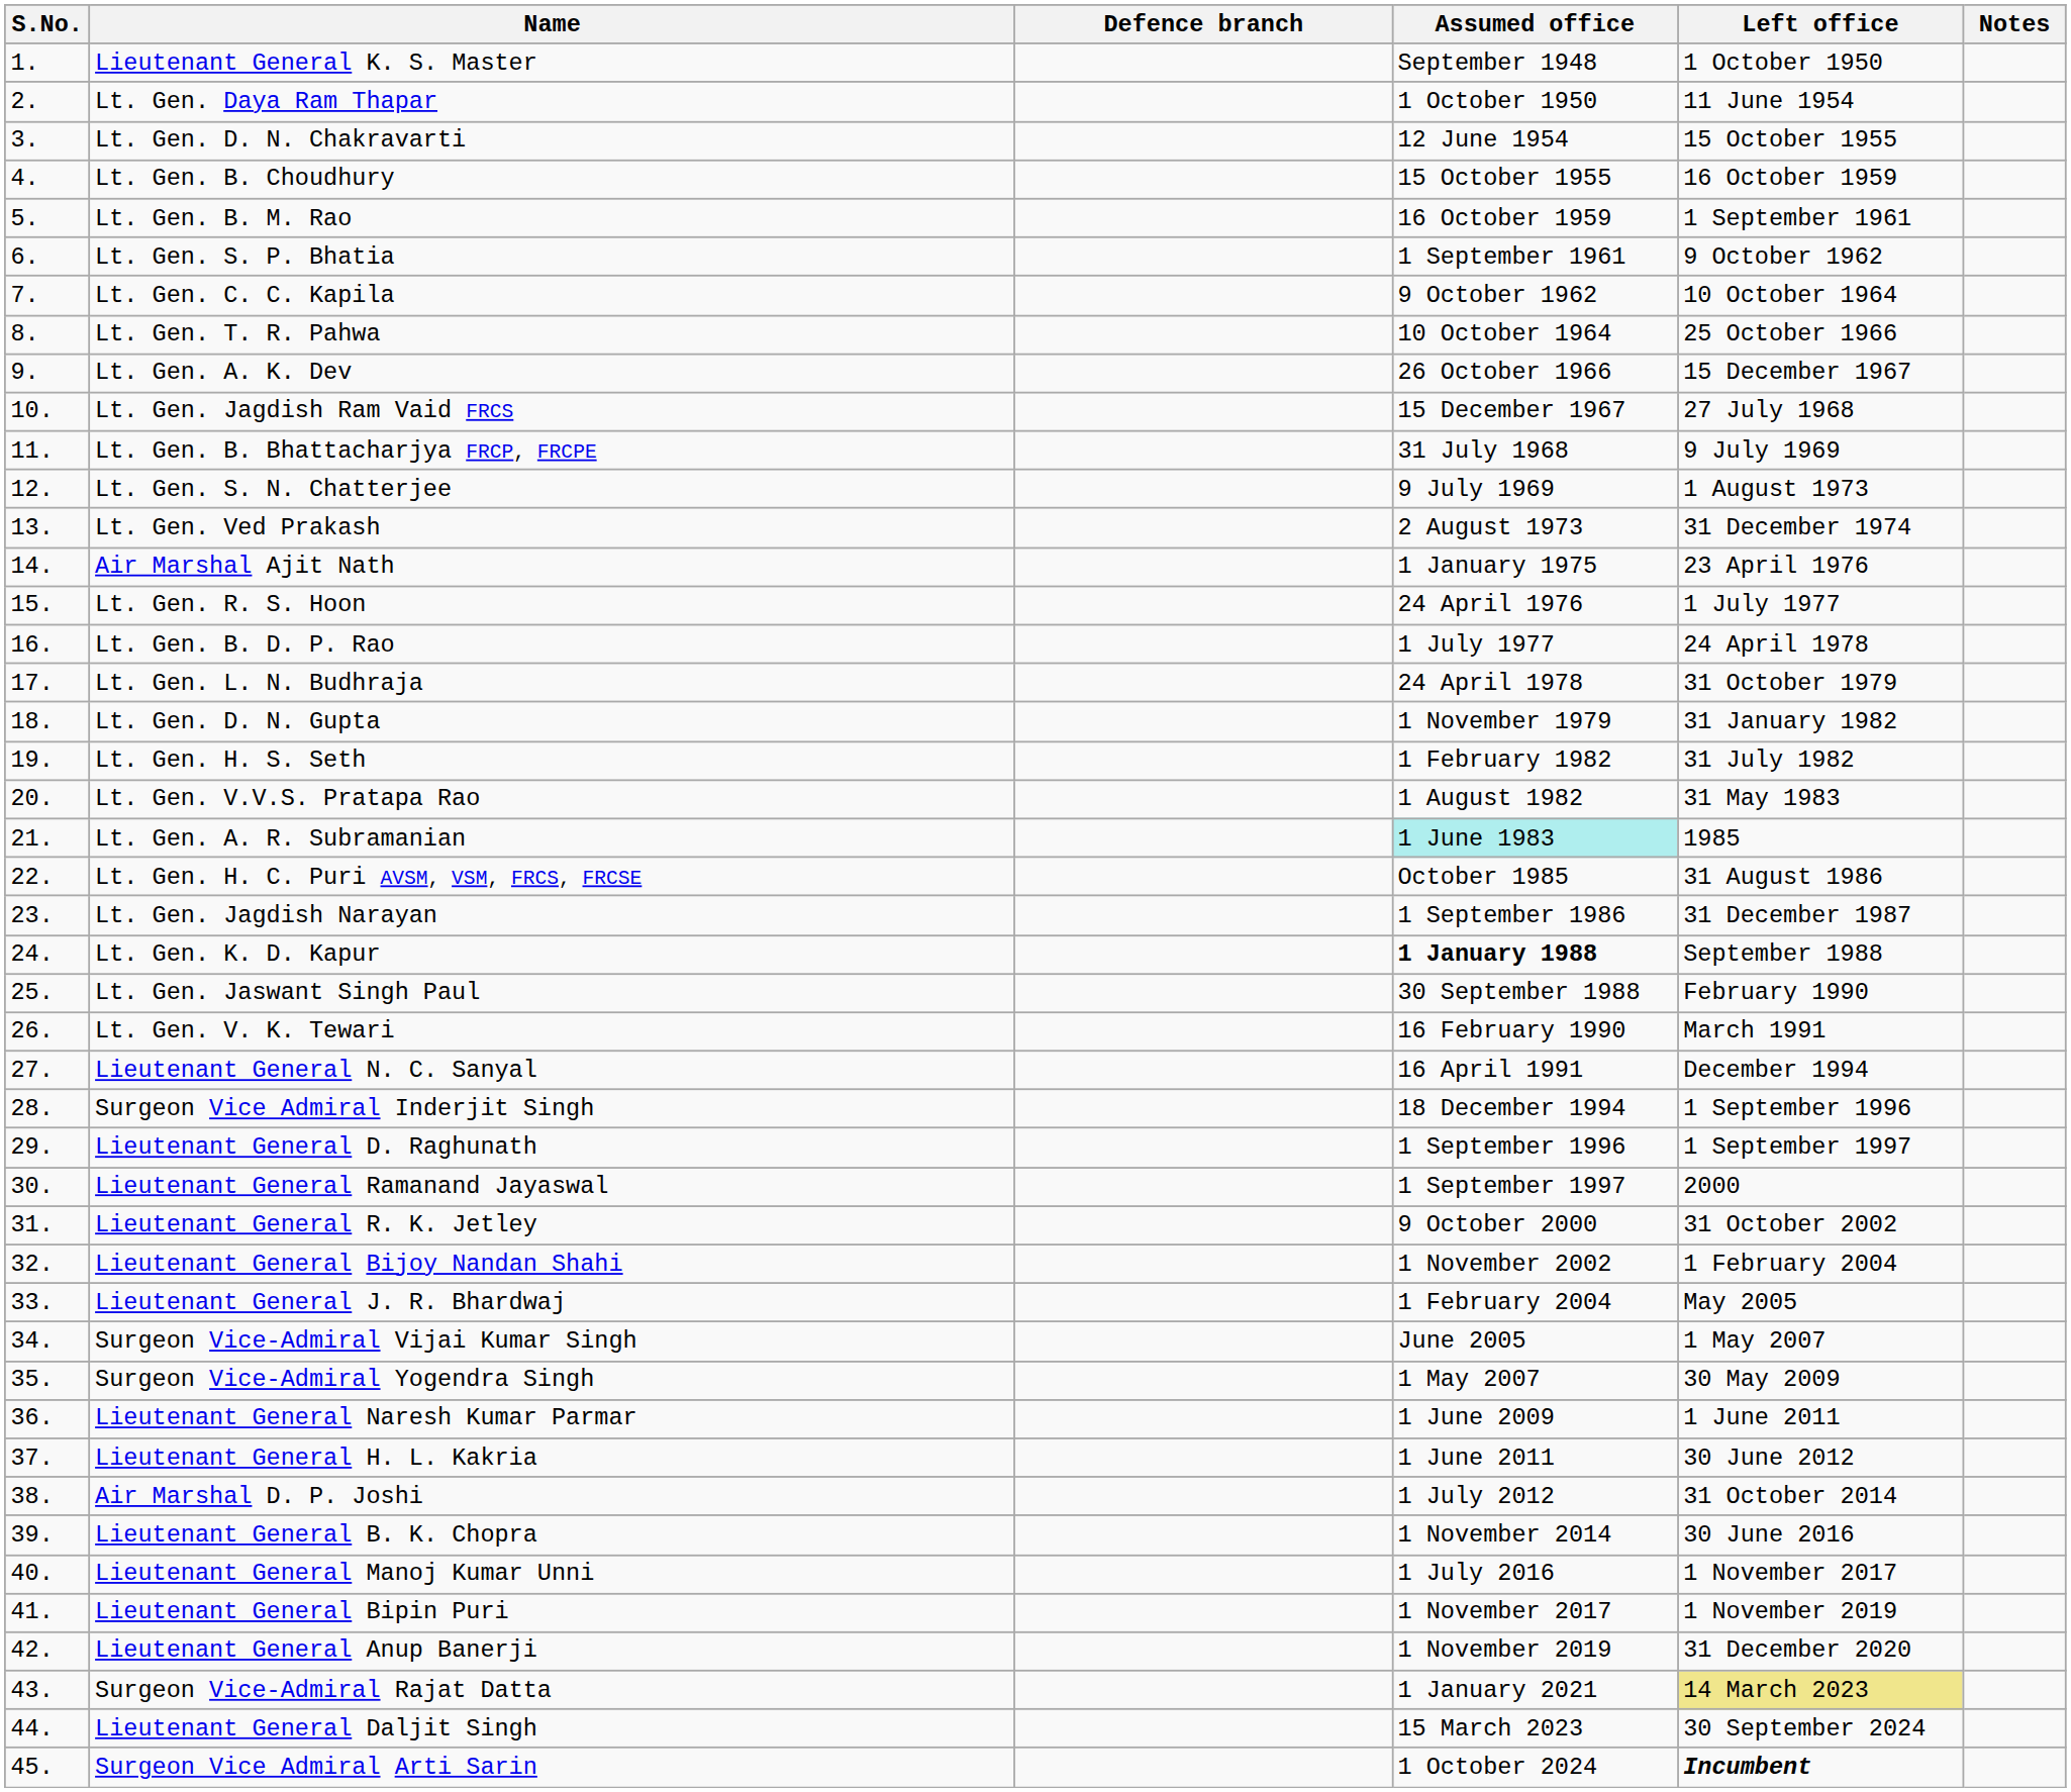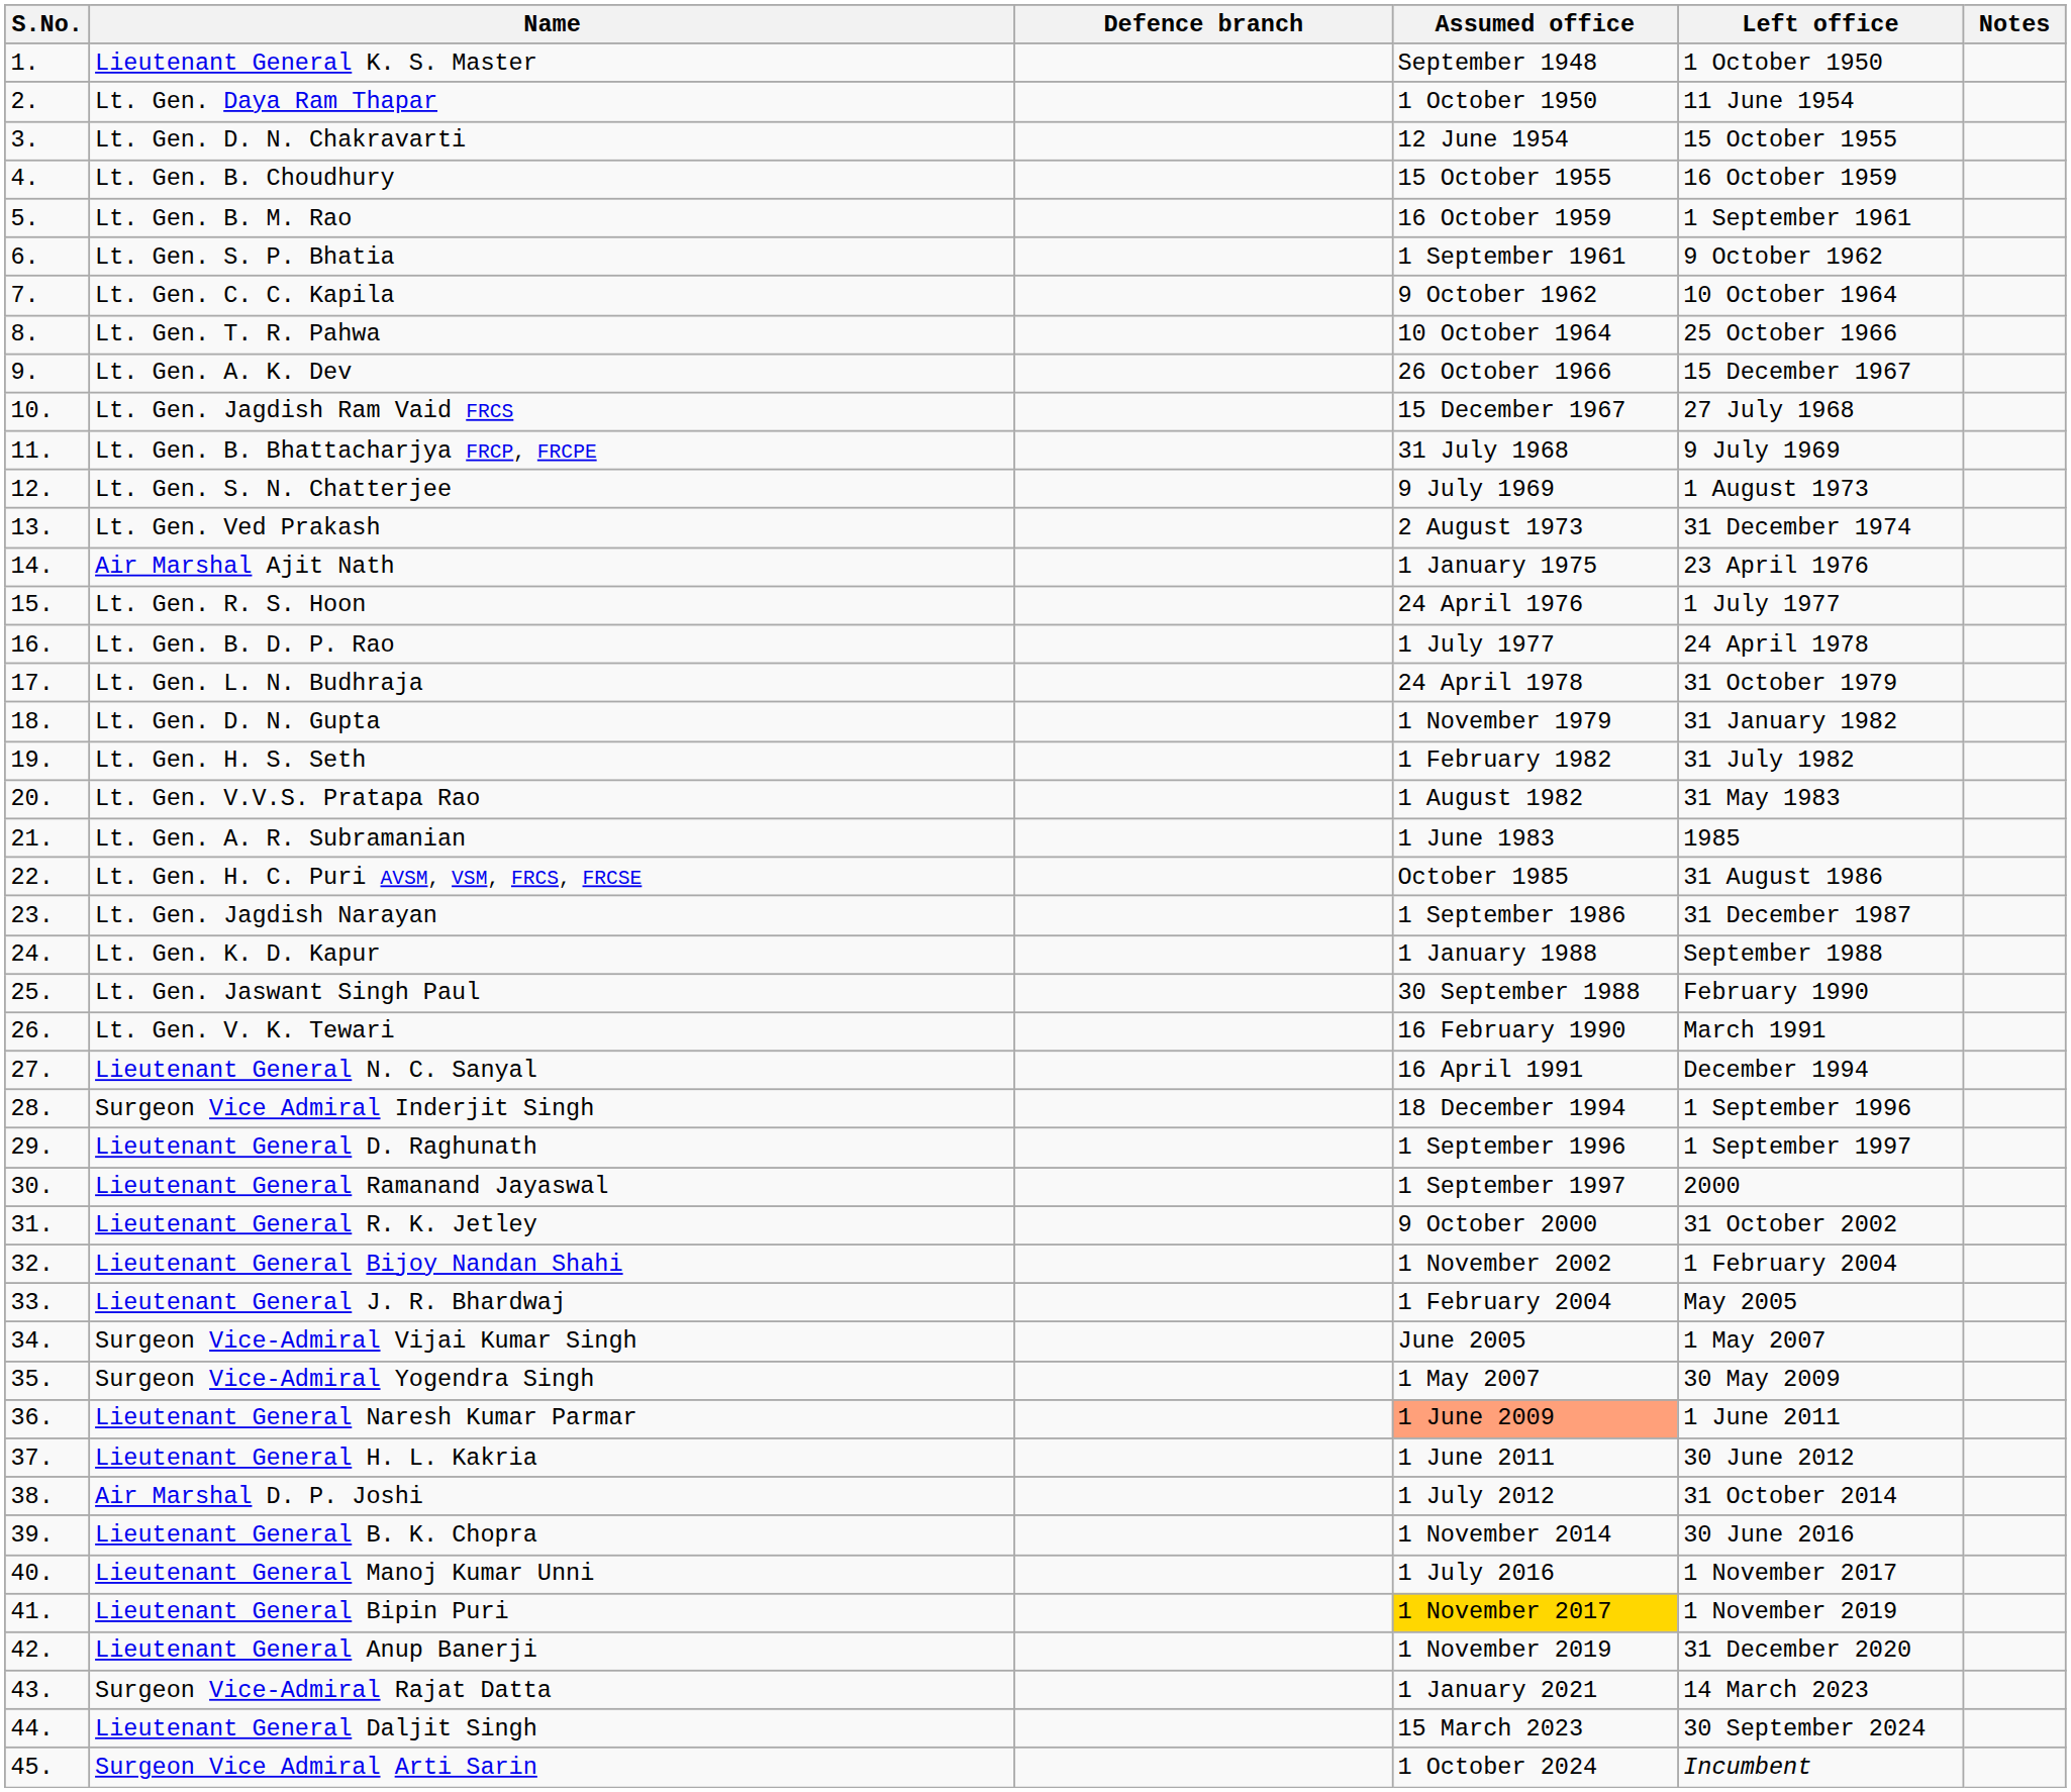 <table class="wikitable" style="text-align:Left">
 <tr style="background:#cccccc">
 <th scope="col" style="width: 40px;">S.No.</th>
 <th scope="col" style="width: 500px;">Name</th>
 <th scope="col" style="width: 200px;">Defence branch</th>
 <th scope="col" style="width: 150px;">Assumed office</th>
 <th scope="col" style="width: 150px;">Left office</th>
 <th scope="col" style="width: 50px;">Notes</th>
 </tr>
 <tr>
 <td>1.</td>
 <td><a href='#'>Lieutenant General</a> K. S. Master </td>
 <td></td>
 <td>September 1948</td>
 <td>1 October 1950</td>
 <td></td>
 </tr>
 <tr>
 <td>2.</td>
 <td>Lt. Gen. <a href='#'>Daya Ram Thapar</a> </td>
 <td></td>
 <td>1 October 1950</td>
 <td>11 June 1954</td>
 <td></td>
 </tr>
 <tr>
 <td>3.</td>
 <td>Lt. Gen. D. N. Chakravarti </td>
 <td></td>
 <td>12 June 1954</td>
 <td>15 October 1955</td>
 <td></td>
 </tr>
 <tr>
 <td>4.</td>
 <td>Lt. Gen.  B. Choudhury</td>
 <td></td>
 <td>15 October 1955</td>
 <td>16 October 1959</td>
 <td></td>
 </tr>
 <tr>
 <td>5.</td>
 <td>Lt. Gen. B. M. Rao</td>
 <td></td>
 <td>16 October 1959</td>
 <td>1 September 1961</td>
 <td></td>
 </tr>
 <tr>
 <td>6.</td>
 <td>Lt. Gen. S. P. Bhatia</td>
 <td></td>
 <td>1 September 1961</td>
 <td>9 October 1962</td>
 <td></td>
 </tr>
 <tr>
 <td>7.</td>
 <td>Lt. Gen. C. C. Kapila </td>
 <td></td>
 <td>9 October 1962</td>
 <td>10 October 1964</td>
 <td></td>
 </tr>
 <tr>
 <td>8.</td>
 <td>Lt. Gen. T. R. Pahwa</td>
 <td></td>
 <td>10 October 1964</td>
 <td>25 October 1966</td>
 <td></td>
 </tr>
 <tr>
 <td>9.</td>
 <td>Lt. Gen. A. K. Dev </td>
 <td></td>
 <td>26 October 1966</td>
 <td>15 December 1967</td>
 <td></td>
 </tr>
 <tr>
 <td>10.</td>
 <td>Lt. Gen. Jagdish Ram Vaid <small><a href='#'>FRCS</a></small></td>
 <td></td>
 <td>15 December 1967</td>
 <td>27 July 1968</td>
 <td></td>
 </tr>
 <tr>
 <td>11.</td>
 <td>Lt. Gen. B. Bhattacharjya <small><a href='#'>FRCP</a>, <a href='#'>FRCPE</a></small></td>
 <td></td>
 <td>31 July 1968</td>
 <td>9 July 1969</td>
 <td></td>
 </tr>
 <tr>
 <td>12.</td>
 <td>Lt. Gen. S. N. Chatterjee </td>
 <td></td>
 <td>9 July 1969</td>
 <td>1 August 1973</td>
 <td></td>
 </tr>
 <tr>
 <td>13.</td>
 <td>Lt. Gen. Ved Prakash </td>
 <td></td>
 <td>2 August 1973</td>
 <td>31 December 1974</td>
 <td></td>
 </tr>
 <tr>
 <td>14.</td>
 <td><a href='#'>Air Marshal</a> Ajit Nath</td>
 <td></td>
 <td>1 January 1975</td>
 <td>23 April 1976</td>
 <td></td>
 </tr>
 <tr>
 <td>15.</td>
 <td>Lt. Gen. R. S. Hoon </td>
 <td></td>
 <td>24 April 1976</td>
 <td>1 July 1977</td>
 <td></td>
 </tr>
 <tr>
 <td>16.</td>
 <td>Lt. Gen. B. D. P. Rao </td>
 <td></td>
 <td>1 July 1977</td>
 <td>24 April 1978</td>
 <td></td>
 </tr>
 <tr>
 <td>17.</td>
 <td>Lt. Gen. L. N. Budhraja </td>
 <td></td>
 <td>24 April 1978</td>
 <td>31 October 1979</td>
 <td></td>
 </tr>
 <tr>
 <td>18.</td>
 <td>Lt. Gen. D. N. Gupta </td>
 <td></td>
 <td>1 November 1979</td>
 <td>31 January 1982</td>
 <td></td>
 </tr>
 <tr>
 <td>19.</td>
 <td>Lt. Gen. H. S. Seth</td>
 <td></td>
 <td>1 February 1982</td>
 <td>31 July 1982</td>
 <td></td>
 </tr>
 <tr>
 <td>20.</td>
 <td>Lt. Gen. V.V.S. Pratapa Rao </td>
 <td></td>
 <td>1 August 1982</td>
 <td>31 May 1983</td>
 <td></td>
 </tr>
 <tr>
 <td>21.</td>
 <td>Lt. Gen. A. R. Subramanian</td>
 <td></td>
-<td style="background: paleturquoise;">1 June 1983</td>
+<td>1 June 1983</td>
 <td>1985</td>
 <td></td>
 </tr>
 <tr>
 <td>22.</td>
 <td>Lt. Gen. H. C. Puri <small><a href='#'>AVSM</a>, <a href='#'>VSM</a>, <a href='#'>FRCS</a>, <a href='#'>FRCSE</a></small></td>
 <td></td>
 <td>October 1985</td>
 <td>31 August 1986</td>
 <td></td>
 </tr>
 <tr>
 <td>23.</td>
 <td>Lt. Gen. Jagdish Narayan </td>
 <td></td>
 <td>1 September 1986</td>
 <td>31 December 1987</td>
 <td></td>
 </tr>
 <tr>
 <td>24.</td>
 <td>Lt. Gen. K. D. Kapur</td>
 <td></td>
-<td><strong>1 January 1988</strong></td>
+<td>1 January 1988</td>
 <td>September 1988</td>
 <td></td>
 </tr>
 <tr>
 <td>25.</td>
 <td>Lt. Gen. Jaswant Singh Paul</td>
 <td></td>
 <td>30 September 1988</td>
 <td>February 1990</td>
 <td></td>
 </tr>
 <tr>
 <td>26.</td>
 <td>Lt. Gen. V. K. Tewari</td>
 <td></td>
 <td>16 February 1990</td>
 <td>March 1991</td>
 <td></td>
 </tr>
 <tr>
 <td>27.</td>
 <td><a href='#'>Lieutenant General</a> N. C. Sanyal</td>
 <td></td>
 <td>16 April 1991</td>
 <td>December 1994</td>
 <td></td>
 </tr>
 <tr>
 <td>28.</td>
 <td>Surgeon <a href='#'>Vice Admiral</a> Inderjit Singh </td>
 <td></td>
 <td>18 December 1994</td>
 <td>1 September 1996</td>
 <td></td>
 </tr>
 <tr>
 <td>29.</td>
 <td><a href='#'>Lieutenant General</a> D. Raghunath </td>
 <td></td>
 <td>1 September 1996</td>
 <td>1 September 1997</td>
 <td></td>
 </tr>
 <tr>
 <td>30.</td>
 <td><a href='#'>Lieutenant General</a> Ramanand Jayaswal </td>
 <td></td>
 <td>1 September 1997</td>
 <td>2000</td>
 <td></td>
 </tr>
 <tr>
 <td>31.</td>
 <td><a href='#'>Lieutenant General</a> R. K. Jetley </td>
 <td></td>
 <td>9 October 2000</td>
 <td>31 October 2002</td>
 <td></td>
 </tr>
 <tr>
 <td>32.</td>
 <td><a href='#'>Lieutenant General</a> <a href='#'>Bijoy Nandan Shahi</a> </td>
 <td></td>
 <td>1 November 2002</td>
 <td>1 February 2004</td>
 <td></td>
 </tr>
 <tr>
 <td>33.</td>
 <td><a href='#'>Lieutenant General</a> J. R. Bhardwaj </td>
 <td></td>
 <td>1 February 2004</td>
 <td>May 2005</td>
 <td></td>
 </tr>
 <tr>
 <td>34.</td>
 <td>Surgeon <a href='#'>Vice-Admiral</a> Vijai Kumar Singh</td>
 <td></td>
 <td>June 2005</td>
 <td>1 May 2007</td>
 <td></td>
 </tr>
 <tr>
 <td>35.</td>
 <td>Surgeon <a href='#'>Vice-Admiral</a> Yogendra Singh </td>
 <td></td>
 <td>1 May 2007</td>
 <td>30 May 2009</td>
 <td></td>
 </tr>
 <tr>
 <td>36.</td>
 <td><a href='#'>Lieutenant General</a> Naresh Kumar Parmar </td>
 <td></td>
-<td>1 June 2009</td>
+<td style="background: lightsalmon;">1 June 2009</td>
 <td>1 June 2011</td>
 <td></td>
 </tr>
 <tr>
 <td>37.</td>
 <td><a href='#'>Lieutenant General</a> H. L. Kakria </td>
 <td></td>
 <td>1 June 2011</td>
 <td>30 June 2012</td>
 <td></td>
 </tr>
 <tr>
 <td>38.</td>
 <td><a href='#'>Air Marshal</a> D. P. Joshi </td>
 <td></td>
 <td>1 July 2012</td>
 <td>31 October 2014</td>
 <td></td>
 </tr>
 <tr>
 <td>39.</td>
 <td><a href='#'>Lieutenant General</a> B. K. Chopra </td>
 <td></td>
 <td>1 November 2014</td>
 <td>30 June 2016</td>
 <td></td>
 </tr>
 <tr>
 <td>40.</td>
 <td><a href='#'>Lieutenant General</a> Manoj Kumar Unni </td>
 <td></td>
 <td>1 July 2016</td>
 <td>1 November 2017</td>
 <td></td>
 </tr>
 <tr>
 <td>41.</td>
 <td><a href='#'>Lieutenant General</a> Bipin Puri </td>
 <td></td>
-<td>1 November 2017</td>
+<td style="background: gold;">1 November 2017</td>
 <td>1 November 2019</td>
 <td></td>
 </tr>
 <tr>
 <td>42.</td>
 <td><a href='#'>Lieutenant General</a> Anup Banerji </td>
 <td></td>
 <td>1 November 2019</td>
 <td>31 December 2020</td>
 <td></td>
 </tr>
 <tr>
 <td>43.</td>
 <td>Surgeon <a href='#'>Vice-Admiral</a> Rajat Datta </td>
 <td></td>
 <td>1 January 2021</td>
-<td style="background: khaki;">14 March 2023</td>
+<td>14 March 2023</td>
 <td></td>
 </tr>
 <tr>
 <td>44.</td>
 <td><a href='#'>Lieutenant General</a> Daljit Singh </td>
 <td></td>
 <td>15 March 2023</td>
 <td>30 September 2024</td>
 <td></td>
 </tr>
 <tr>
 <td>45.</td>
 <td><a href='#'>Surgeon Vice Admiral</a> <a href='#'>Arti Sarin</a> </td>
 <td></td>
 <td>1 October 2024</td>
-<td><strong><em>Incumbent</em></strong></td>
+<td><em>Incumbent</em></td>
 <td></td>
 </tr>
 </table>
